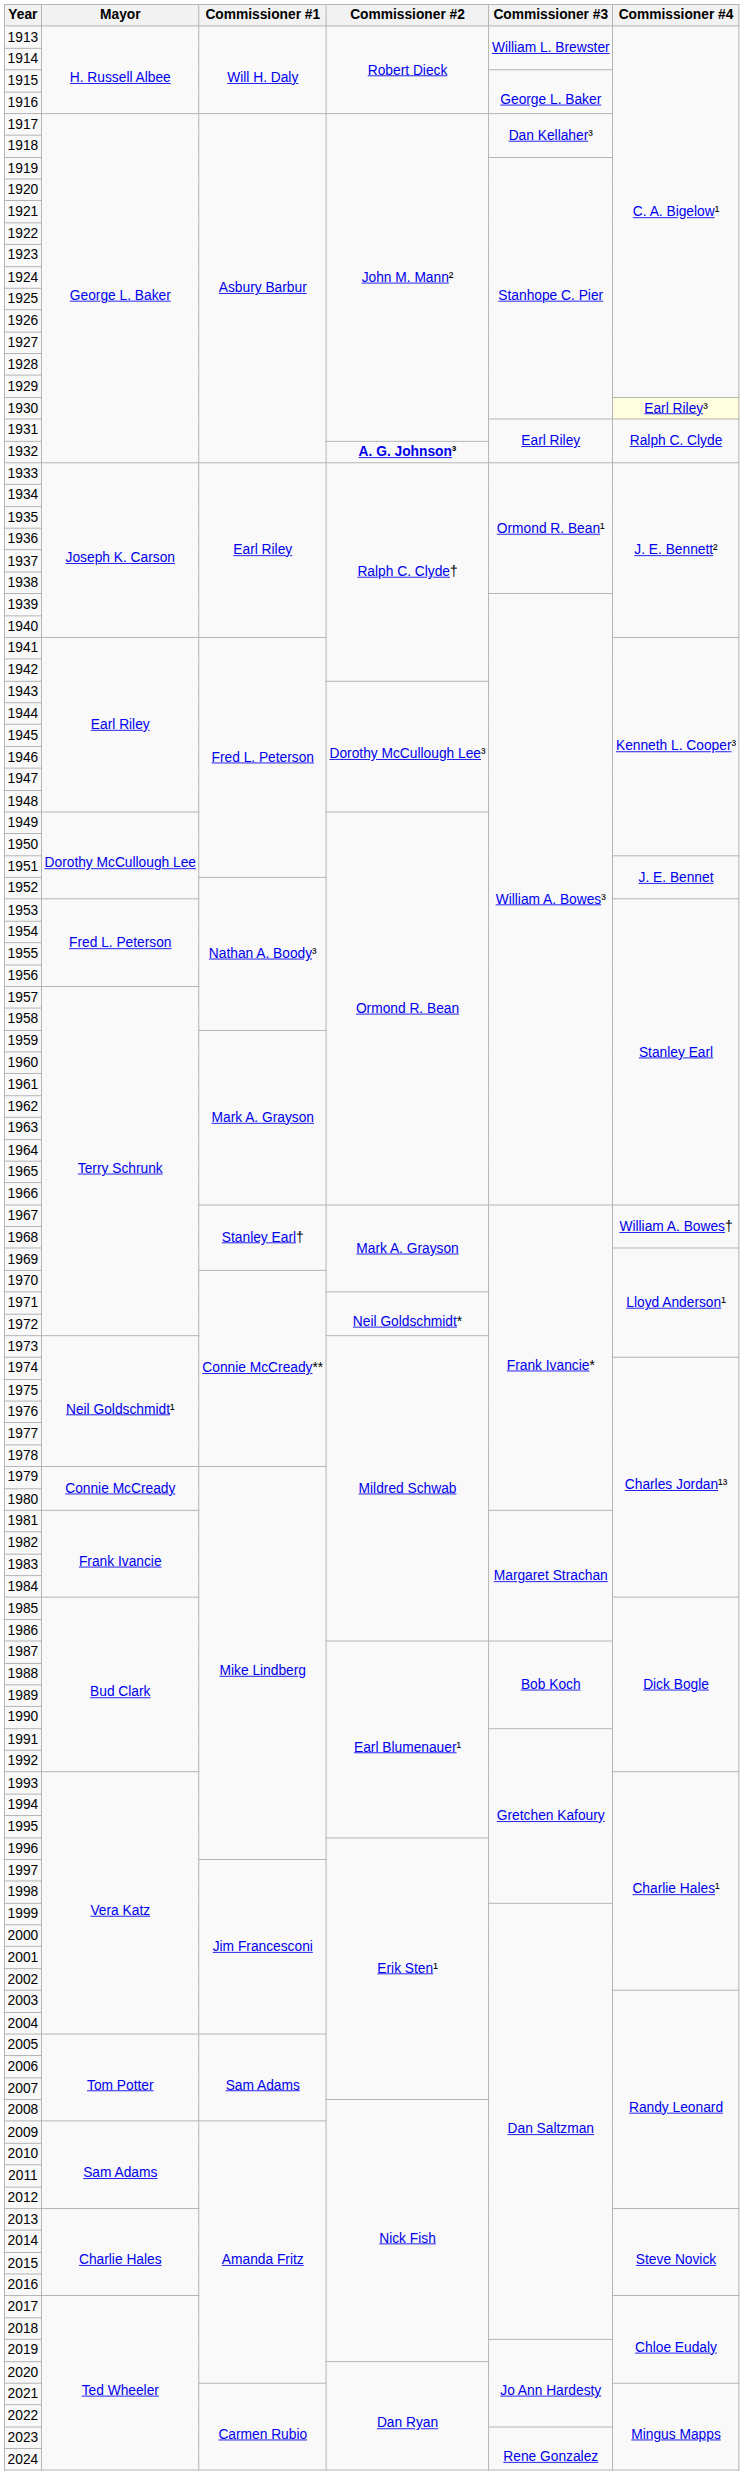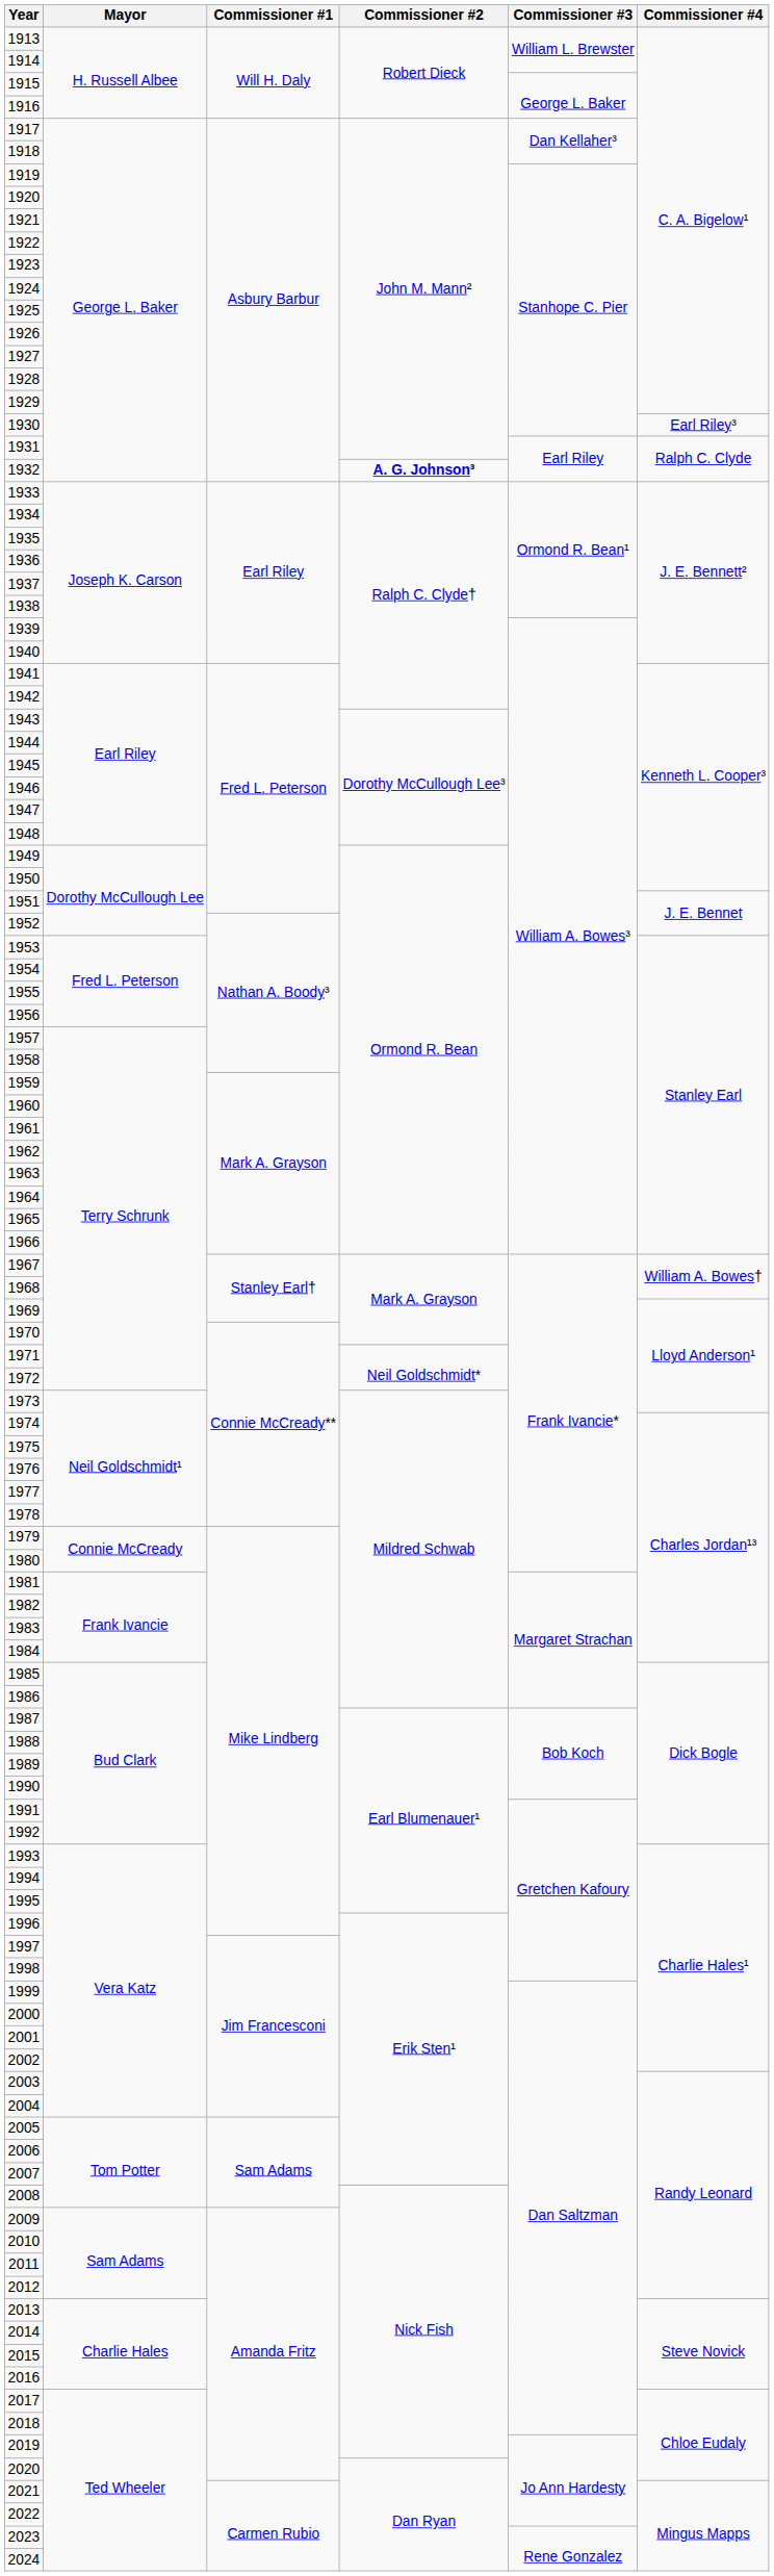 <table class="wikitable" style="text-align:center">
 <tr>
 <th>Year</th>
 <th>Mayor</th>
 <th>Commissioner #1</th>
 <th>Commissioner #2</th>
 <th>Commissioner #3</th>
 <th>Commissioner #4</th>
 </tr>
 <tr>
 <td>1913</td>
 <td rowspan="4"><br><a href='#'>H. Russell Albee</a></td>
 <td rowspan="4"><br><a href='#'>Will H. Daly</a></td>
 <td rowspan="4"><a href='#'>Robert Dieck</a></td>
 <td rowspan="2"><a href='#'>William L. Brewster</a></td>
 <td rowspan="17"><a href='#'>C. A. Bigelow</a>¹</td>
 </tr>
 <tr>
 <td>1914</td>
 </tr>
 <tr>
 <td>1915</td>
 <td rowspan="2"><br><a href='#'>George L. Baker</a></td>
 </tr>
 <tr>
 <td>1916</td>
 </tr>
 <tr>
 <td>1917</td>
 <td rowspan="16"><br><a href='#'>George L. Baker</a></td>
 <td rowspan="16"><a href='#'>Asbury Barbur</a></td>
 <td rowspan="15"><a href='#'>John M. Mann</a>²</td>
 <td rowspan="2"><a href='#'>Dan Kellaher</a>³</td>
 </tr>
 <tr>
 <td>1918</td>
 </tr>
 <tr>
 <td>1919</td>
 <td rowspan="12"><br><a href='#'>Stanhope C. Pier</a></td>
 </tr>
 <tr>
 <td>1920</td>
 </tr>
 <tr>
 <td>1921</td>
 </tr>
 <tr>
 <td>1922</td>
 </tr>
 <tr>
 <td>1923</td>
 </tr>
 <tr>
 <td>1924</td>
 </tr>
 <tr>
 <td>1925</td>
 </tr>
 <tr>
 <td>1926</td>
 </tr>
 <tr>
 <td>1927</td>
 </tr>
 <tr>
 <td>1928</td>
 </tr>
 <tr>
 <td>1929</td>
 </tr>
 <tr>
 <td>1930</td>
-<td style="background: lightyellow;"><a href='#'>Earl Riley</a>³</td>
+<td><a href='#'>Earl Riley</a>³</td>
 </tr>
 <tr>
 <td>1931</td>
 <td rowspan="2"><a href='#'>Earl Riley</a></td>
 <td rowspan="2"><a href='#'>Ralph C. Clyde</a></td>
 </tr>
 <tr>
 <td>1932</td>
 <td><strong><a href='#'>A. G. Johnson</a>³</strong></td>
 </tr>
 <tr>
 <td>1933</td>
 <td rowspan="8"><br><a href='#'>Joseph K. Carson</a></td>
 <td rowspan="8"><a href='#'>Earl Riley</a></td>
 <td rowspan="10"><a href='#'>Ralph C. Clyde</a>†</td>
 <td rowspan="6"><a href='#'>Ormond R. Bean</a>¹</td>
 <td rowspan="8"><a href='#'>J. E. Bennett</a>²</td>
 </tr>
 <tr>
 <td>1934</td>
 </tr>
 <tr>
 <td>1935</td>
 </tr>
 <tr>
 <td>1936</td>
 </tr>
 <tr>
 <td>1937</td>
 </tr>
 <tr>
 <td>1938</td>
 </tr>
 <tr>
 <td>1939</td>
 <td rowspan="28"><a href='#'>William A. Bowes</a>³</td>
 </tr>
 <tr>
 <td>1940</td>
 </tr>
 <tr>
 <td>1941</td>
 <td rowspan="8"><a href='#'>Earl Riley</a></td>
 <td rowspan="11"><a href='#'>Fred L. Peterson</a></td>
 <td rowspan="10"><a href='#'>Kenneth L. Cooper</a>³</td>
 </tr>
 <tr>
 <td>1942</td>
 </tr>
 <tr>
 <td>1943</td>
 <td rowspan="6"><br><a href='#'>Dorothy McCullough Lee</a>³</td>
 </tr>
 <tr>
 <td>1944</td>
 </tr>
 <tr>
 <td>1945</td>
 </tr>
 <tr>
 <td>1946</td>
 </tr>
 <tr>
 <td>1947</td>
 </tr>
 <tr>
 <td>1948</td>
 </tr>
 <tr>
 <td>1949</td>
 <td rowspan="4"><br><a href='#'>Dorothy McCullough Lee</a></td>
 <td rowspan="18"><a href='#'>Ormond R. Bean</a></td>
 </tr>
 <tr>
 <td>1950</td>
 </tr>
 <tr>
 <td>1951</td>
 <td rowspan="2"><a href='#'>J. E. Bennet</a></td>
 </tr>
 <tr>
 <td>1952</td>
 <td rowspan="7"><a href='#'>Nathan A. Boody</a>³</td>
 </tr>
 <tr>
 <td>1953</td>
 <td rowspan="4"><a href='#'>Fred L. Peterson</a></td>
 <td rowspan="14"><a href='#'>Stanley Earl</a></td>
 </tr>
 <tr>
 <td>1954</td>
 </tr>
 <tr>
 <td>1955</td>
 </tr>
 <tr>
 <td>1956</td>
 </tr>
 <tr>
 <td>1957</td>
 <td rowspan="16"><br><a href='#'>Terry Schrunk</a></td>
 </tr>
 <tr>
 <td>1958</td>
 </tr>
 <tr>
 <td>1959</td>
 <td rowspan="8"><a href='#'>Mark A. Grayson</a></td>
 </tr>
 <tr>
 <td>1960</td>
 </tr>
 <tr>
 <td>1961</td>
 </tr>
 <tr>
 <td>1962</td>
 </tr>
 <tr>
 <td>1963</td>
 </tr>
 <tr>
 <td>1964</td>
 </tr>
 <tr>
 <td>1965</td>
 </tr>
 <tr>
 <td>1966</td>
 </tr>
 <tr>
 <td>1967</td>
 <td rowspan="3"><a href='#'>Stanley Earl</a>†</td>
 <td rowspan="4"><a href='#'>Mark A. Grayson</a></td>
 <td rowspan="14"><br><a href='#'>Frank Ivancie</a>*</td>
 <td rowspan="2"><a href='#'>William A. Bowes</a>†</td>
 </tr>
 <tr>
 <td>1968</td>
 </tr>
 <tr>
 <td>1969</td>
 <td rowspan="5"><a href='#'>Lloyd Anderson</a>¹</td>
 </tr>
 <tr>
 <td>1970</td>
 <td rowspan="9"><a href='#'>Connie McCready</a>**</td>
 </tr>
 <tr>
 <td>1971</td>
 <td rowspan="2"><br><a href='#'>Neil Goldschmidt</a>*</td>
 </tr>
 <tr>
 <td>1972</td>
 </tr>
 <tr>
 <td>1973</td>
 <td rowspan="6"><br><a href='#'>Neil Goldschmidt</a>¹</td>
 <td rowspan="14"><a href='#'>Mildred Schwab</a></td>
 </tr>
 <tr>
 <td>1974</td>
 <td rowspan="11"><br><a href='#'>Charles Jordan</a>¹³</td>
 </tr>
 <tr>
 <td>1975</td>
 </tr>
 <tr>
 <td>1976</td>
 </tr>
 <tr>
 <td>1977</td>
 </tr>
 <tr>
 <td>1978</td>
 </tr>
 <tr>
 <td>1979</td>
 <td rowspan="2"><a href='#'>Connie McCready</a></td>
 <td rowspan="18"><br><a href='#'>Mike Lindberg</a></td>
 </tr>
 <tr>
 <td>1980</td>
 </tr>
 <tr>
 <td>1981</td>
 <td rowspan="4"><br><a href='#'>Frank Ivancie</a></td>
 <td rowspan="6"><a href='#'>Margaret Strachan</a></td>
 </tr>
 <tr>
 <td>1982</td>
 </tr>
 <tr>
 <td>1983</td>
 </tr>
 <tr>
 <td>1984</td>
 </tr>
 <tr>
 <td>1985</td>
 <td rowspan="8"><br><a href='#'>Bud Clark</a></td>
 <td rowspan="8"><a href='#'>Dick Bogle</a></td>
 </tr>
 <tr>
 <td>1986</td>
 </tr>
 <tr>
 <td>1987</td>
 <td rowspan="9"><br><a href='#'>Earl Blumenauer</a>¹</td>
 <td rowspan="4"><a href='#'>Bob Koch</a></td>
 </tr>
 <tr>
 <td>1988</td>
 </tr>
 <tr>
 <td>1989</td>
 </tr>
 <tr>
 <td>1990</td>
 </tr>
 <tr>
 <td>1991</td>
 <td rowspan="8"><a href='#'>Gretchen Kafoury</a></td>
 </tr>
 <tr>
 <td>1992</td>
 </tr>
 <tr>
 <td>1993</td>
 <td rowspan="12"><br><a href='#'>Vera Katz</a></td>
 <td rowspan="10"><br><a href='#'>Charlie Hales</a>¹</td>
 </tr>
 <tr>
 <td>1994</td>
 </tr>
 <tr>
 <td>1995</td>
 </tr>
 <tr>
 <td>1996</td>
 <td rowspan="12"><a href='#'>Erik Sten</a>¹</td>
 </tr>
 <tr>
 <td>1997</td>
 <td rowspan="8"><a href='#'>Jim Francesconi</a></td>
 </tr>
 <tr>
 <td>1998</td>
 </tr>
 <tr>
 <td>1999</td>
 <td rowspan="20"><br><a href='#'>Dan Saltzman</a></td>
 </tr>
 <tr>
 <td>2000</td>
 </tr>
 <tr>
 <td>2001</td>
 </tr>
 <tr>
 <td>2002</td>
 </tr>
 <tr>
 <td>2003</td>
 <td rowspan="10"><br><a href='#'>Randy Leonard</a></td>
 </tr>
 <tr>
 <td>2004</td>
 </tr>
 <tr>
 <td>2005</td>
 <td rowspan="4"><br><a href='#'>Tom Potter</a></td>
 <td rowspan="4"><br><a href='#'>Sam Adams</a></td>
 </tr>
 <tr>
 <td>2006</td>
 </tr>
 <tr>
 <td>2007</td>
 </tr>
 <tr>
 <td>2008</td>
 <td rowspan="12"><br><a href='#'>Nick Fish</a></td>
 </tr>
 <tr>
 <td>2009</td>
 <td rowspan="4"><br><a href='#'>Sam Adams</a></td>
 <td rowspan="12"><br><a href='#'>Amanda Fritz</a></td>
 </tr>
 <tr>
 <td>2010</td>
 </tr>
 <tr>
 <td>2011</td>
 </tr>
 <tr>
 <td>2012</td>
 </tr>
 <tr>
 <td>2013</td>
 <td rowspan="4"><br><a href='#'>Charlie Hales</a></td>
 <td rowspan="4"><br><a href='#'>Steve Novick</a></td>
 </tr>
 <tr>
 <td>2014</td>
 </tr>
 <tr>
 <td>2015</td>
 </tr>
 <tr>
 <td>2016</td>
 </tr>
 <tr>
 <td>2017</td>
 <td rowspan="8"><br><a href='#'>Ted Wheeler</a></td>
 <td rowspan="4"><br><a href='#'>Chloe Eudaly</a></td>
 </tr>
 <tr>
 <td>2018</td>
 </tr>
 <tr>
 <td>2019</td>
 <td rowspan="4"><br><a href='#'>Jo Ann Hardesty</a></td>
 </tr>
 <tr>
 <td>2020</td>
 <td rowspan="5"><br><a href='#'>Dan Ryan</a></td>
 </tr>
 <tr>
 <td>2021</td>
 <td rowspan="4"><br><a href='#'>Carmen Rubio</a></td>
 <td rowspan="4"><br><a href='#'>Mingus Mapps</a></td>
 </tr>
 <tr>
 <td>2022</td>
 </tr>
 <tr>
 <td>2023</td>
 <td rowspan="2"><br><a href='#'>Rene Gonzalez</a></td>
 </tr>
 <tr>
 <td>2024</td>
 </tr>
 </table>
